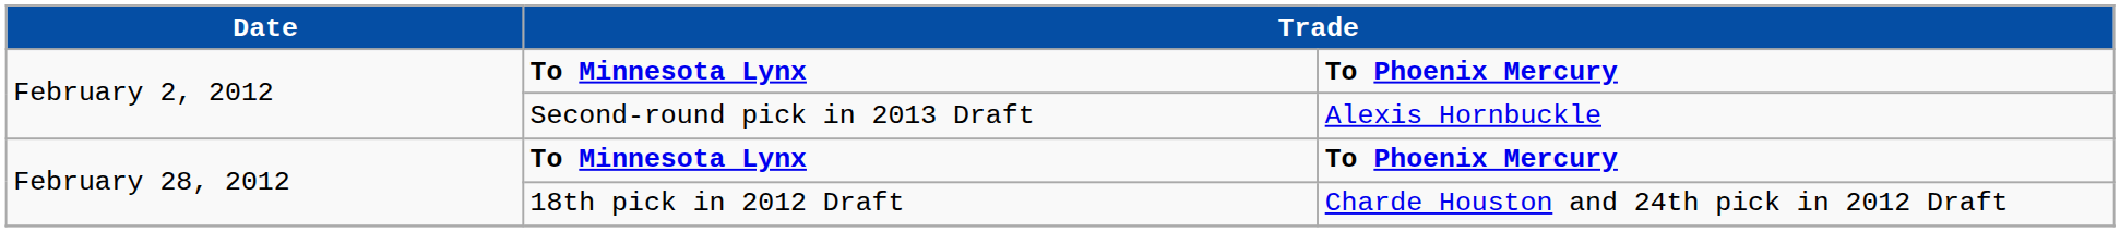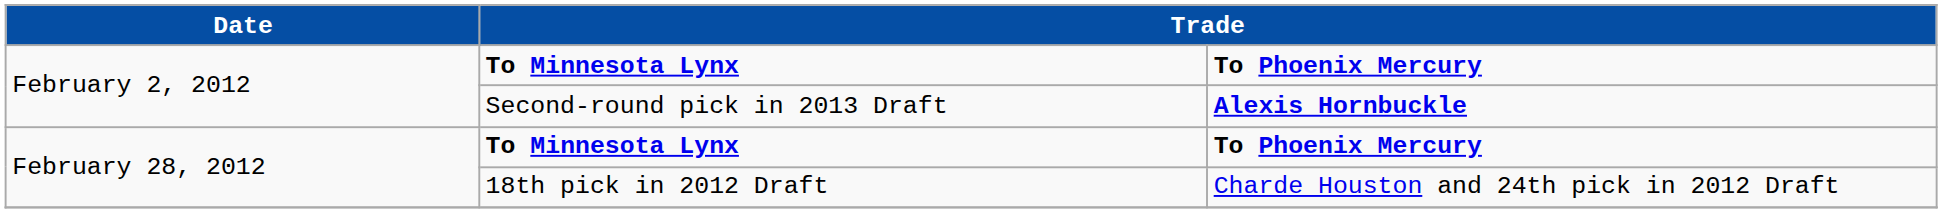 <table class="wikitable" style="width:80%; margin:1em auto;">
 <tr>
 <th style="background:#054EA4;color:white; width=125">Date</th>
 <th style="background:#054EA4;color:white;" colspan=2>Trade</th>
 </tr>
 <tr>
 <td rowspan=2>February 2, 2012</td>
 <td width=375><strong>To <a href='#'>Minnesota Lynx</a></strong></td>
 <td width=375><strong>To <a href='#'>Phoenix Mercury</a></strong></td>
 </tr>
 <tr>
 <td>Second-round pick in 2013 Draft</td>
-<td><a href='#'>Alexis Hornbuckle</a></td>
+<td><strong><a href='#'>Alexis Hornbuckle</a></strong></td>
 </tr>
 <tr>
 <td rowspan=2>February 28, 2012</td>
 <td width=375><strong>To <a href='#'>Minnesota Lynx</a></strong></td>
 <td width=375><strong>To <a href='#'>Phoenix Mercury</a></strong></td>
 </tr>
 <tr>
 <td>18th pick in 2012 Draft</td>
 <td><a href='#'>Charde Houston</a> and 24th pick in 2012 Draft</td>
 </tr>
 <tr>
 </tr>
 </table>
